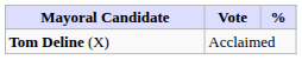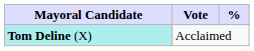 <table class="wikitable">
 <tr>
 <th style="background:#ddf; width:200px;">Mayoral Candidate</th>
 <th style="background:#ddf; width:50px;">Vote</th>
 <th style="background:#ddf; width:30px;">%</th>
 </tr>
 <tr>
-<td><strong>Tom Deline</strong> (X)</td>
+<td style="background: paleturquoise;"><strong>Tom Deline</strong> (X)</td>
 <td colspan="2">Acclaimed</td>
 </tr>
 </table>
